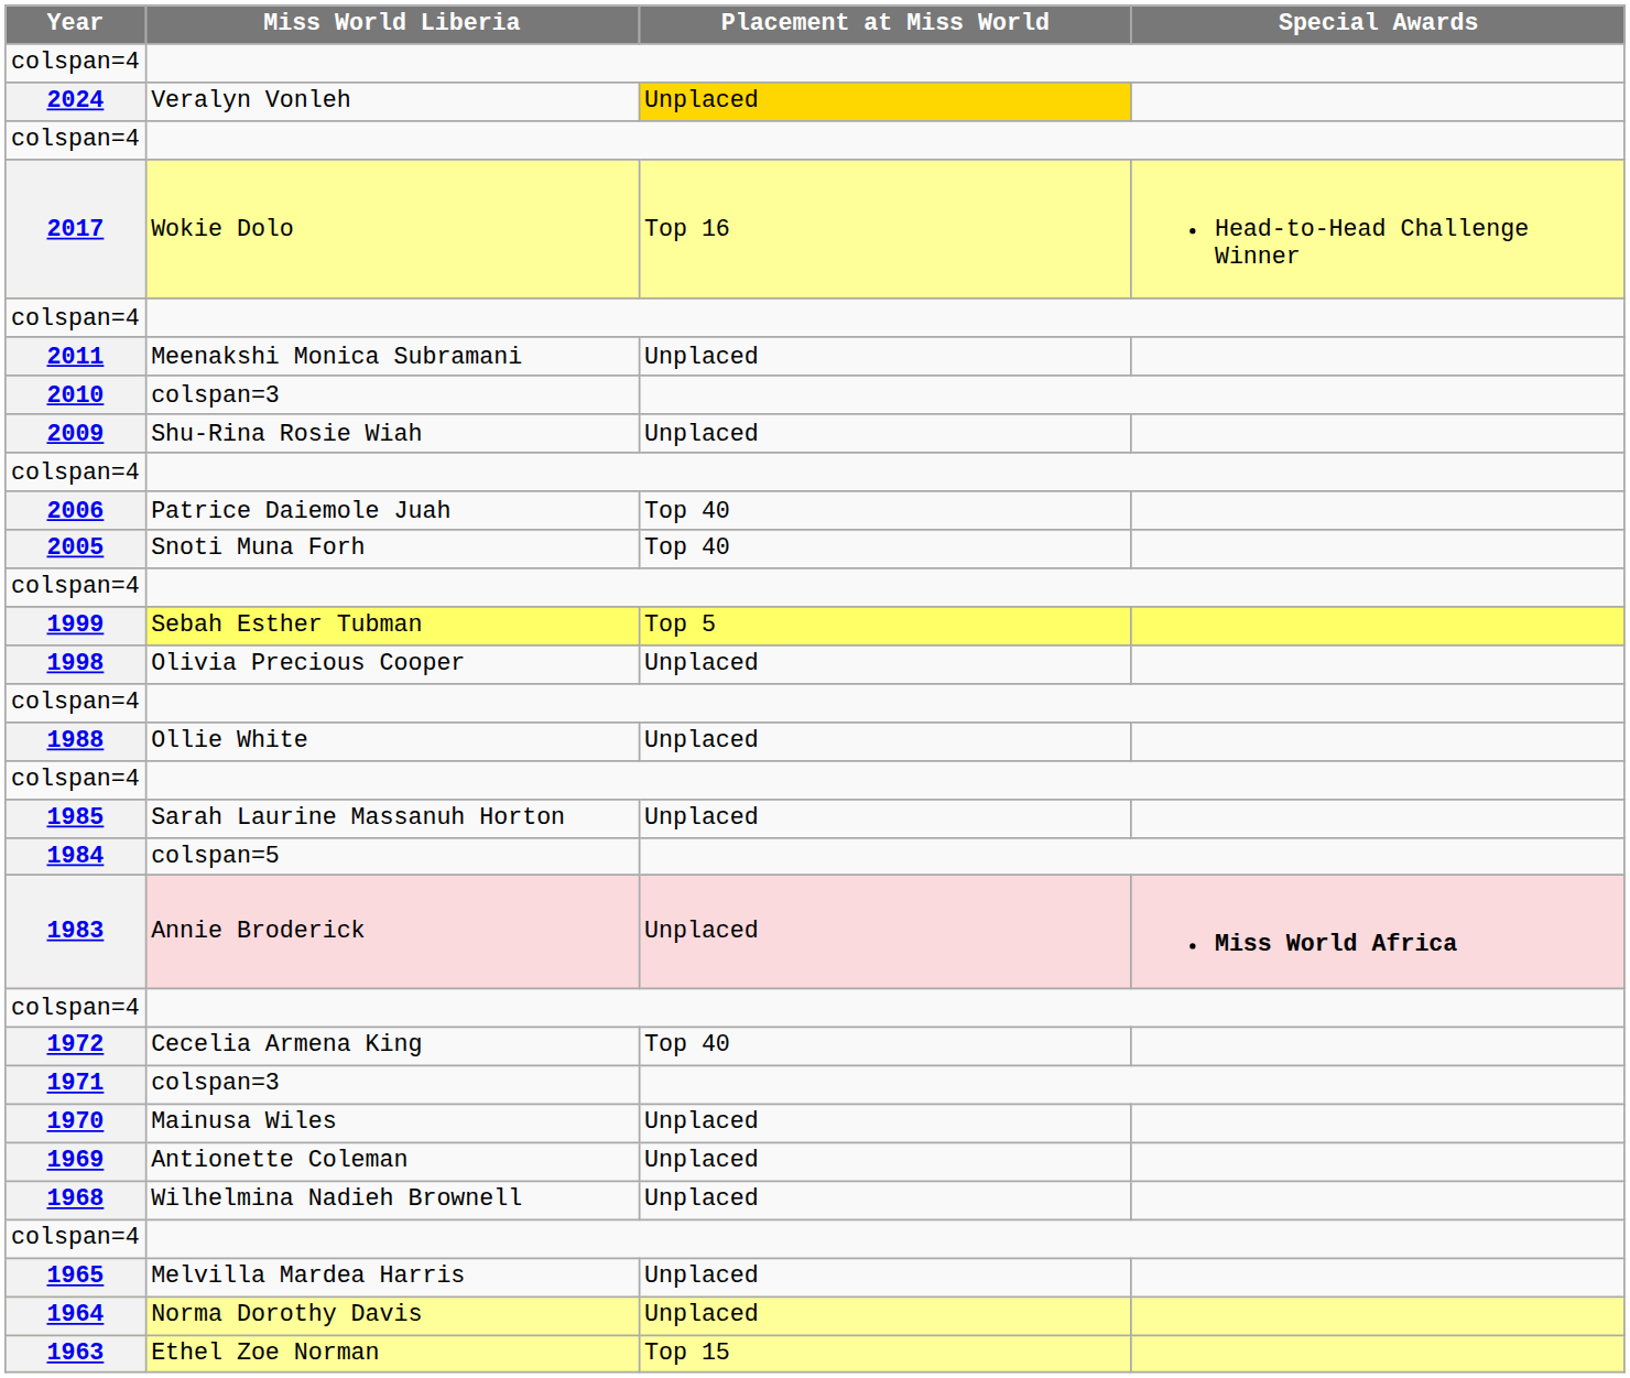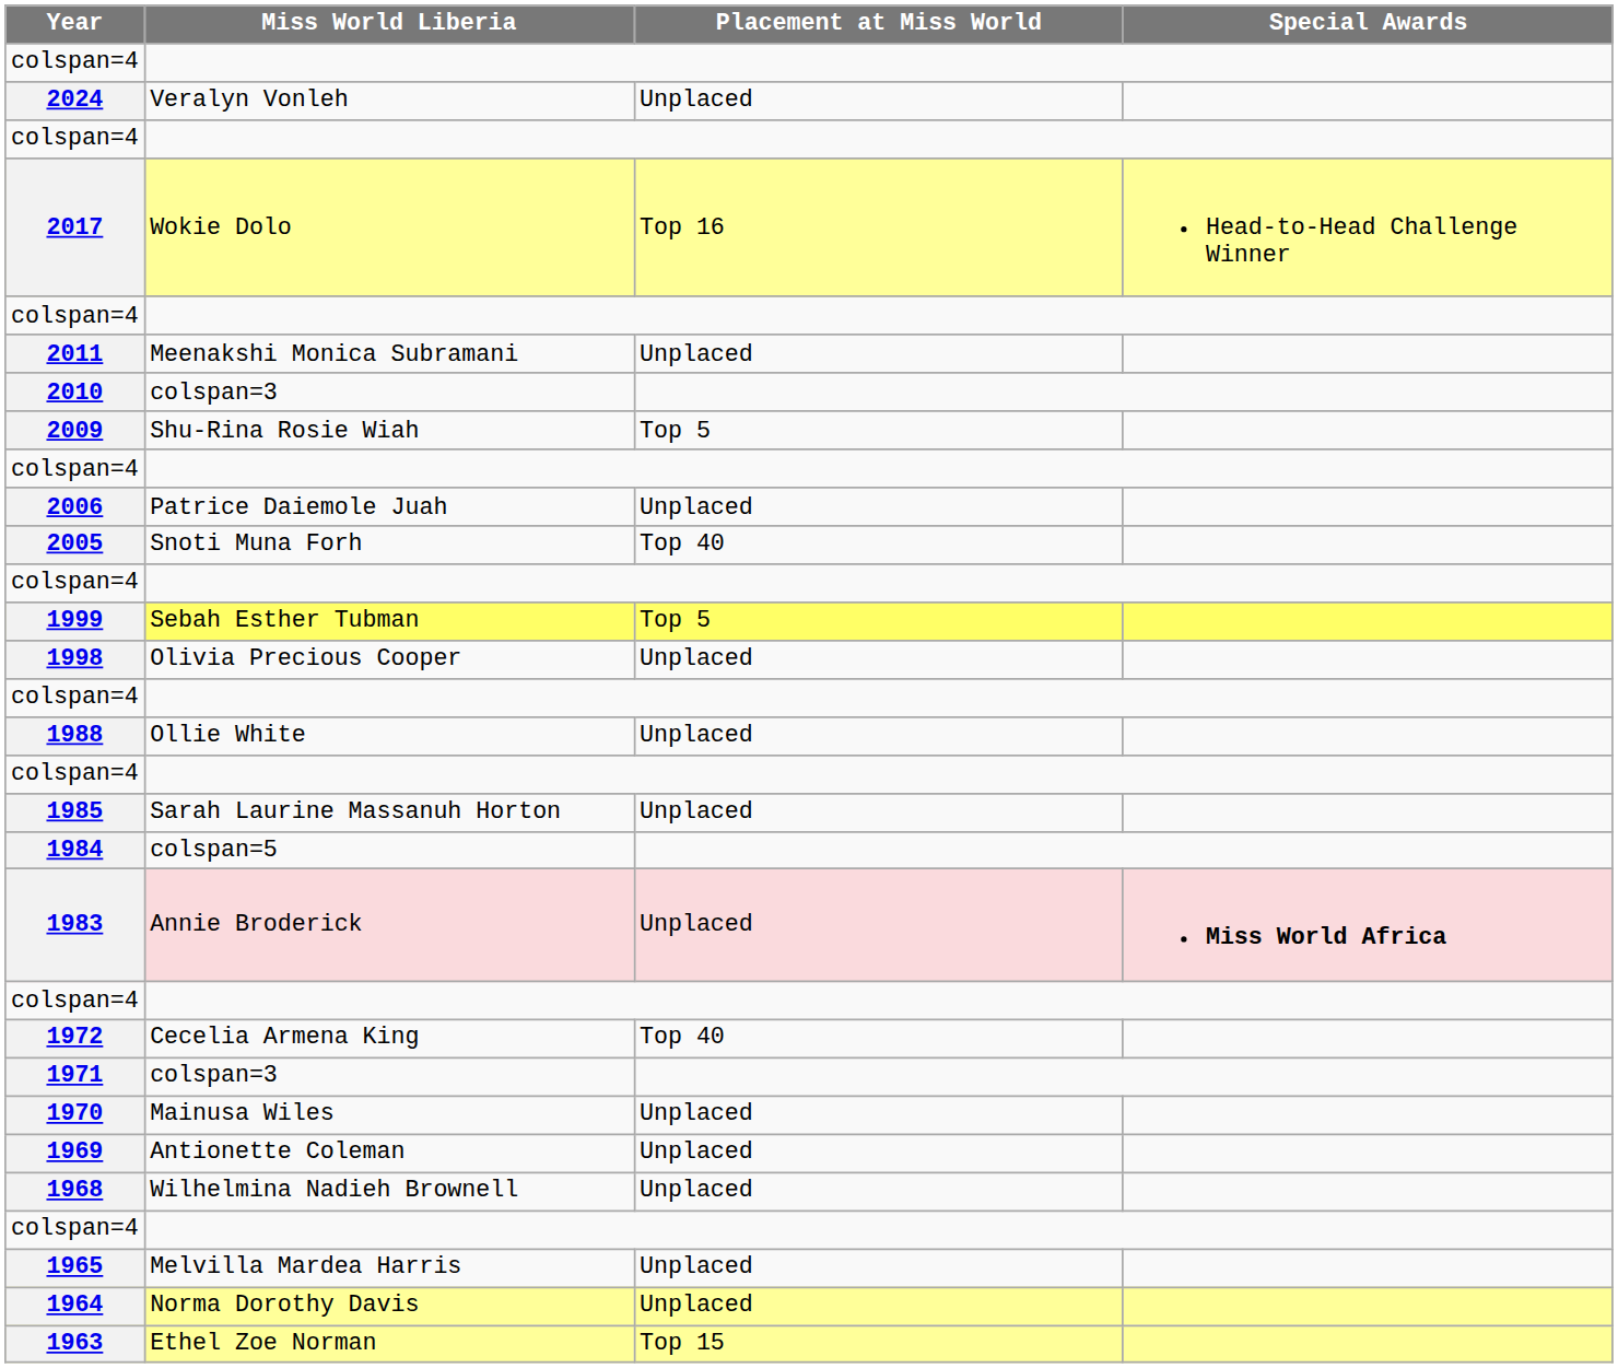 <table class="wikitable " style="font-size: 95%;">
 <tr>
 <th width="60" style="background-color:#787878;color:#FFFFFF;">Year</th>
 <th width="250" style="background-color:#787878;color:#FFFFFF;">Miss World Liberia</th>
 <th width="250" style="background-color:#787878;color:#FFFFFF;">Placement at Miss World</th>
 <th width="250" style="background-color:#787878;color:#FFFFFF;">Special Awards</th>
 </tr>
 <tr>
 <td>colspan=4 </td>
 </tr>
 <tr>
 <th><a href='#'>2024</a></th>
 <td>Veralyn Vonleh</td>
-<td style="background: gold;">Unplaced</td>
+<td>Unplaced</td>
 <td></td>
 </tr>
 <tr>
 <td>colspan=4 </td>
 </tr>
 <tr style="background-color:#FFFF99;">
 <th><a href='#'>2017</a></th>
 <td>Wokie Dolo</td>
 <td>Top 16</td>
 <td><br><ul><li>Head-to-Head Challenge Winner</li></ul></td>
 </tr>
 <tr>
 <td>colspan=4 </td>
 </tr>
 <tr>
 <th><a href='#'>2011</a></th>
 <td>Meenakshi Monica Subramani</td>
 <td>Unplaced</td>
 <td></td>
 </tr>
 <tr>
 <th><a href='#'>2010</a></th>
 <td>colspan=3 </td>
 </tr>
 <tr>
 <th><a href='#'>2009</a></th>
 <td>Shu-Rina Rosie Wiah</td>
-<td>Unplaced</td>
+<td>Top 5</td>
 <td></td>
 </tr>
 <tr>
 <td>colspan=4 </td>
 </tr>
 <tr>
 <th><a href='#'>2006</a></th>
 <td>Patrice Daiemole Juah</td>
-<td>Top 40</td>
+<td>Unplaced</td>
 <td></td>
 </tr>
 <tr>
 <th><a href='#'>2005</a></th>
 <td>Snoti Muna Forh</td>
 <td>Top 40</td>
 <td></td>
 </tr>
 <tr>
 <td>colspan=4 </td>
 </tr>
 <tr style="background-color:#FFFF66">
 <th><a href='#'>1999</a></th>
 <td>Sebah Esther Tubman</td>
 <td>Top 5</td>
 <td></td>
 </tr>
 <tr>
 <th><a href='#'>1998</a></th>
 <td>Olivia Precious Cooper</td>
 <td>Unplaced</td>
 <td></td>
 </tr>
 <tr>
 <td>colspan=4 </td>
 </tr>
 <tr>
 <th><a href='#'>1988</a></th>
 <td>Ollie White</td>
 <td>Unplaced</td>
 <td></td>
 </tr>
 <tr>
 <td>colspan=4 </td>
 </tr>
 <tr>
 <th><a href='#'>1985</a></th>
 <td>Sarah Laurine Massanuh Horton</td>
 <td>Unplaced</td>
 <td></td>
 </tr>
 <tr>
 <th><a href='#'>1984</a></th>
 <td>colspan=5 </td>
 </tr>
 <tr style="background-color:#FADADD; ">
 <th><a href='#'>1983</a></th>
 <td>Annie Broderick</td>
 <td>Unplaced</td>
 <td><strong><br><ul><li>Miss World Africa</li></ul></strong></td>
 </tr>
 <tr>
 <td>colspan=4 </td>
 </tr>
 <tr>
 <th><a href='#'>1972</a></th>
 <td>Cecelia Armena King</td>
 <td>Top 40</td>
 <td></td>
 </tr>
 <tr>
 <th><a href='#'>1971</a></th>
 <td>colspan=3 </td>
 </tr>
 <tr>
 <th><a href='#'>1970</a></th>
 <td>Mainusa Wiles</td>
 <td>Unplaced</td>
 <td></td>
 </tr>
 <tr>
 <th><a href='#'>1969</a></th>
 <td>Antionette Coleman</td>
 <td>Unplaced</td>
 <td></td>
 </tr>
 <tr>
 <th><a href='#'>1968</a></th>
 <td>Wilhelmina Nadieh Brownell</td>
 <td>Unplaced</td>
 <td></td>
 </tr>
 <tr>
 <td>colspan=4 </td>
 </tr>
 <tr>
 <th><a href='#'>1965</a></th>
 <td>Melvilla Mardea Harris</td>
 <td>Unplaced</td>
 <td></td>
 </tr>
 <tr style="background-color:#FFFF99;">
 <th><a href='#'>1964</a></th>
 <td>Norma Dorothy Davis</td>
 <td>Unplaced</td>
 <td></td>
 </tr>
 <tr style="background-color:#FFFF99;">
 <th><a href='#'>1963</a></th>
 <td>Ethel Zoe Norman</td>
 <td>Top 15</td>
 <td></td>
 </tr>
 </table>
